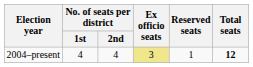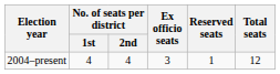 <table class=wikitable style="text-align:center">
 <tr>
 <th rowspan=2>Election<br>year</th>
 <th colspan=2>No. of seats per district</th>
 <th width=50px rowspan=2>Ex officio seats</th>
 <th rowspan=2 width=50px>Reserved seats</th>
 <th rowspan=2 width=50px>Total seats</th>
 </tr>
 <tr>
 <th width=50px>1st</th>
 <th width=50px>2nd</th>
 </tr>
 <tr>
 <td>2004–present</td>
 <td>4</td>
 <td>4</td>
-<td style="background: khaki;">3</td>
+<td>3</td>
 <td>1</td>
-<td><strong>12</strong></td>
+<td>12</td>
 </tr>
 </table>
